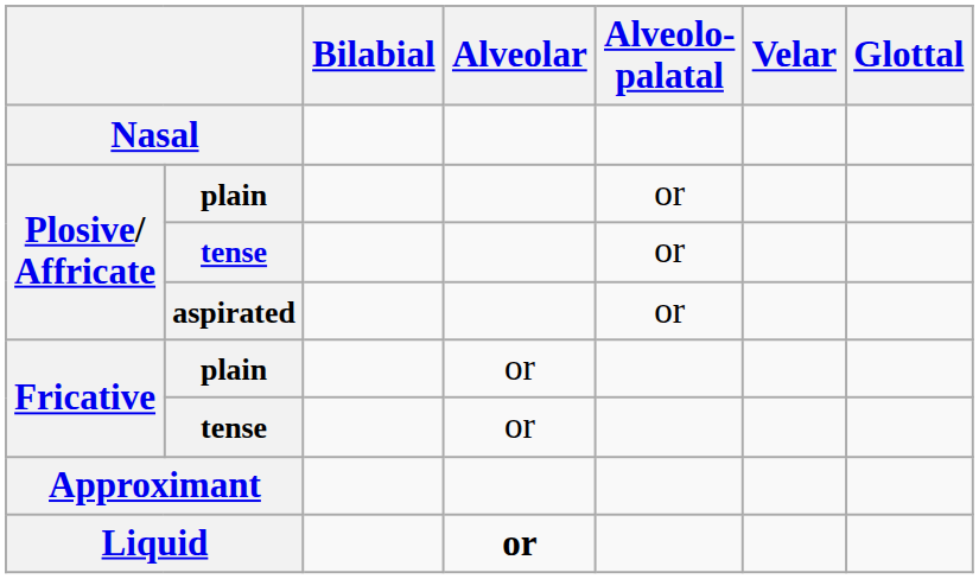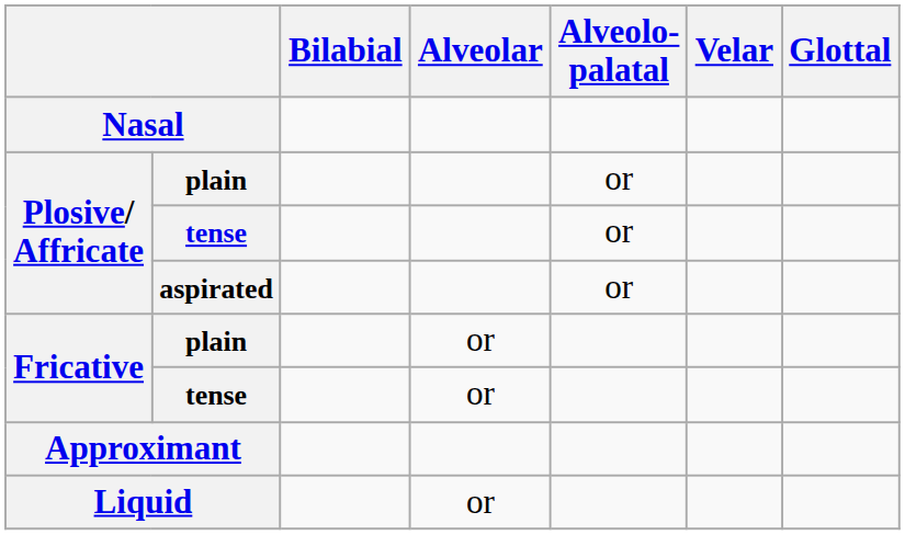 <table class="wikitable" style="text-align:center;">
 <tr>
 <th colspan="2"></th>
 <th><a href='#'>Bilabial</a></th>
 <th><a href='#'>Alveolar</a></th>
 <th><a href='#'>Alveolo-<br>palatal</a></th>
 <th><a href='#'>Velar</a></th>
 <th><a href='#'>Glottal</a></th>
 </tr>
 <tr>
 <th colspan="2"><a href='#'>Nasal</a></th>
 <td> </td>
 <td> </td>
 <td></td>
 <td> </td>
 <td></td>
 </tr>
 <tr>
 <th rowspan="3"><a href='#'>Plosive</a>/<br><a href='#'>Affricate</a></th>
 <th><small>plain</small></th>
 <td> </td>
 <td> </td>
 <td>  or </td>
 <td> </td>
 <td></td>
 </tr>
 <tr>
 <th><small><a href='#'>tense</a></small></th>
 <td> </td>
 <td> </td>
 <td>  or </td>
 <td> </td>
 <td></td>
 </tr>
 <tr>
 <th><small>aspirated</small></th>
 <td> </td>
 <td> </td>
 <td>  or </td>
 <td> </td>
 <td></td>
 </tr>
 <tr>
 <th rowspan=2><a href='#'>Fricative</a></th>
 <th><small>plain</small></th>
 <td></td>
 <td>  or </td>
 <td></td>
 <td></td>
 <td> </td>
 </tr>
 <tr>
 <th><small>tense</small></th>
 <td></td>
 <td>  or </td>
 <td></td>
 <td></td>
 <td></td>
 </tr>
 <tr>
 <th colspan=2><a href='#'>Approximant</a></th>
 <td></td>
 <td></td>
 <td></td>
 <td></td>
 <td></td>
 </tr>
 <tr>
 <th colspan=2><a href='#'>Liquid</a></th>
 <td></td>
-<td><strong>  or </strong></td>
+<td>  or </td>
 <td></td>
 <td></td>
 <td></td>
 </tr>
 </table>
